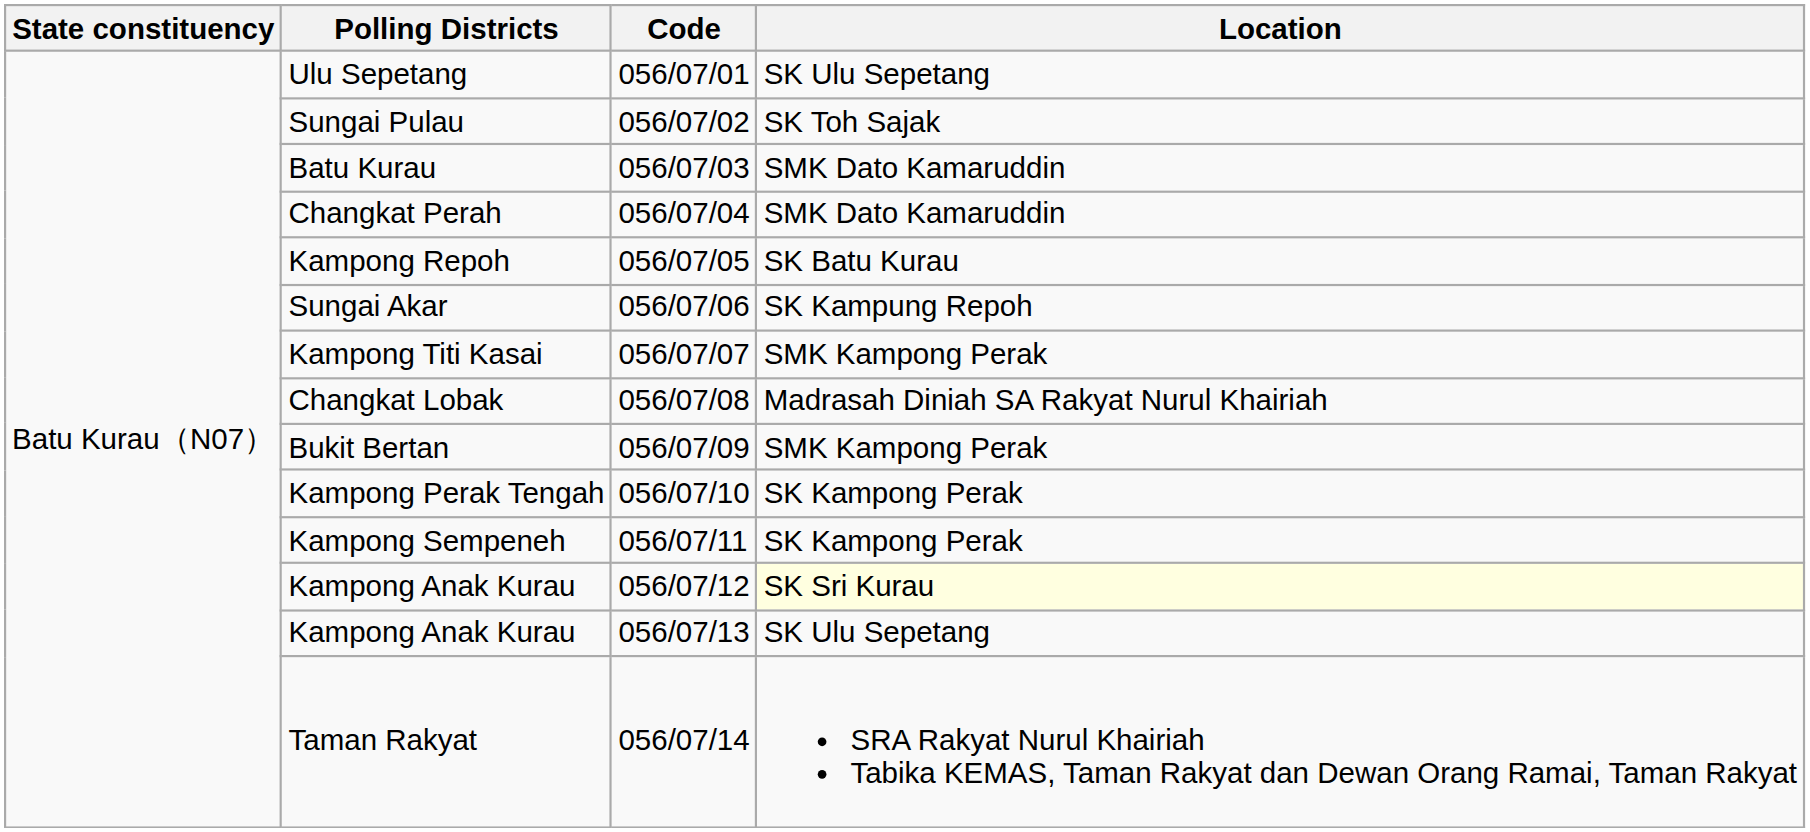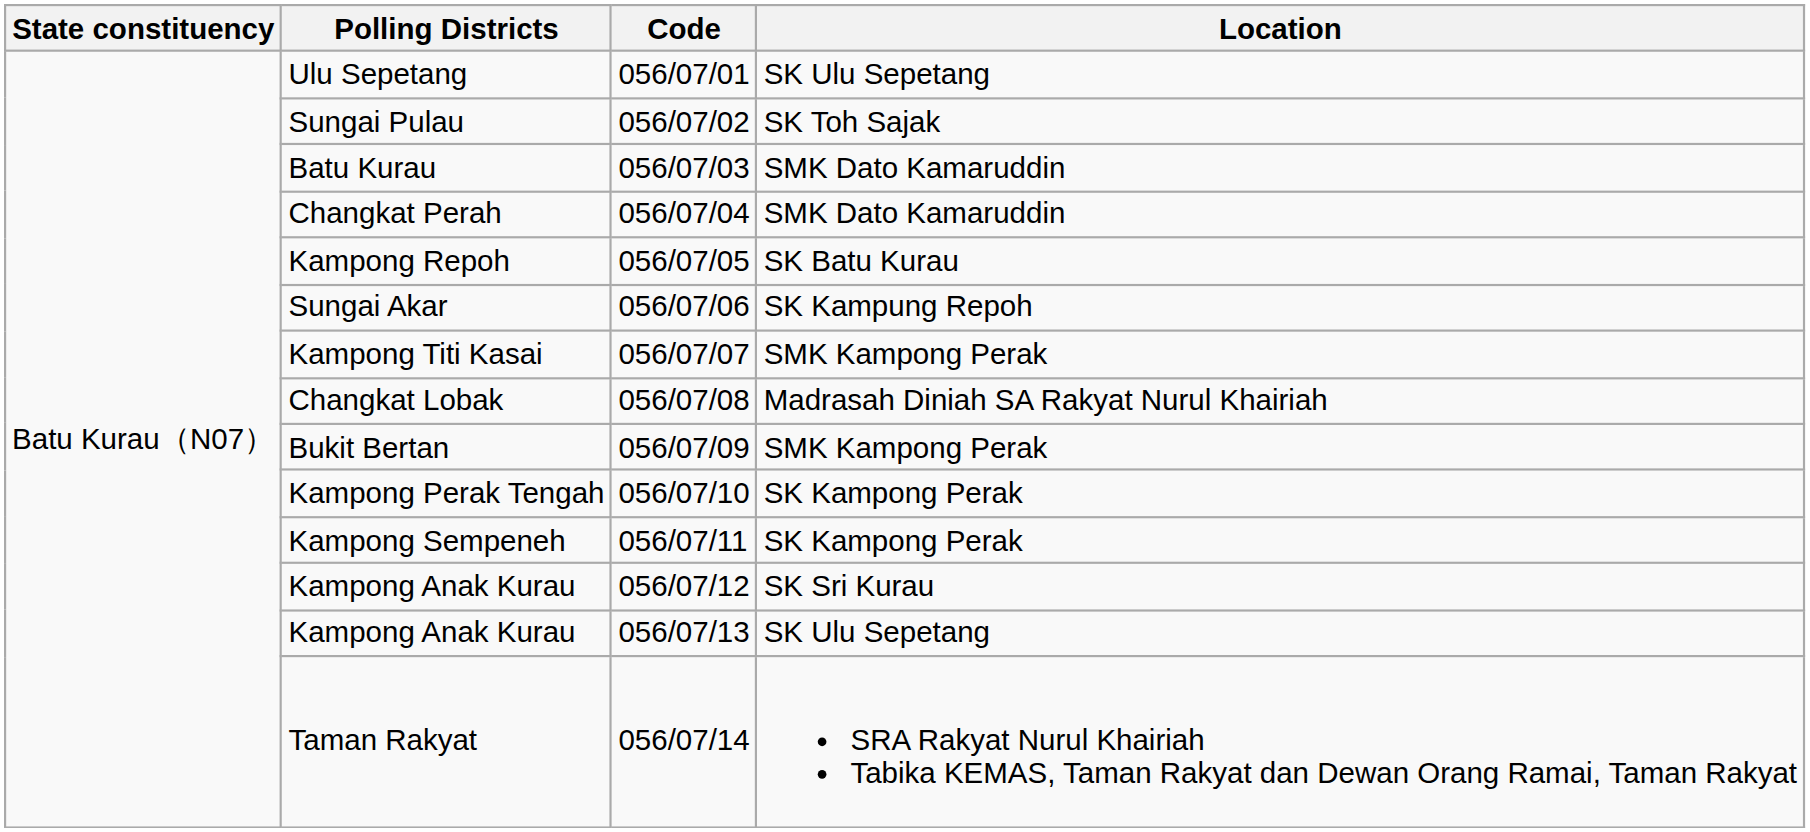 <table class="wikitable sortable mw-collapsible" style="white-space:nowrap;font-size:85%">
 <tr>
 <th>State constituency</th>
 <th>Polling Districts</th>
 <th>Code</th>
 <th>Location</th>
 </tr>
 <tr>
 <td rowspan="14">Batu Kurau（N07）</td>
 <td>Ulu Sepetang</td>
 <td>056/07/01</td>
 <td>SK Ulu Sepetang</td>
 </tr>
 <tr>
 <td>Sungai Pulau</td>
 <td>056/07/02</td>
 <td>SK Toh Sajak</td>
 </tr>
 <tr>
 <td>Batu Kurau</td>
 <td>056/07/03</td>
 <td>SMK Dato Kamaruddin</td>
 </tr>
 <tr>
 <td>Changkat Perah</td>
 <td>056/07/04</td>
 <td>SMK Dato Kamaruddin</td>
 </tr>
 <tr>
 <td>Kampong Repoh</td>
 <td>056/07/05</td>
 <td>SK Batu Kurau</td>
 </tr>
 <tr>
 <td>Sungai Akar</td>
 <td>056/07/06</td>
 <td>SK Kampung Repoh</td>
 </tr>
 <tr>
 <td>Kampong Titi Kasai</td>
 <td>056/07/07</td>
 <td>SMK Kampong Perak</td>
 </tr>
 <tr>
 <td>Changkat Lobak</td>
 <td>056/07/08</td>
 <td>Madrasah Diniah SA Rakyat Nurul Khairiah</td>
 </tr>
 <tr>
 <td>Bukit Bertan</td>
 <td>056/07/09</td>
 <td>SMK Kampong Perak</td>
 </tr>
 <tr>
 <td>Kampong Perak Tengah</td>
 <td>056/07/10</td>
 <td>SK Kampong Perak</td>
 </tr>
 <tr>
 <td>Kampong Sempeneh</td>
 <td>056/07/11</td>
 <td>SK Kampong Perak</td>
 </tr>
 <tr>
 <td>Kampong Anak Kurau</td>
 <td>056/07/12</td>
-<td style="background: lightyellow;">SK Sri Kurau</td>
+<td>SK Sri Kurau</td>
 </tr>
 <tr>
 <td>Kampong Anak Kurau</td>
 <td>056/07/13</td>
 <td>SK Ulu Sepetang</td>
 </tr>
 <tr>
 <td>Taman Rakyat</td>
 <td>056/07/14</td>
 <td><br><ul><li>SRA Rakyat Nurul Khairiah</li><li>Tabika KEMAS, Taman Rakyat dan Dewan Orang Ramai, Taman Rakyat</li></ul></td>
 </tr>
 </table>
